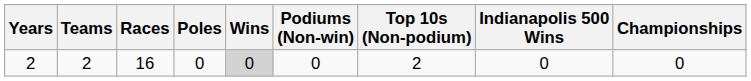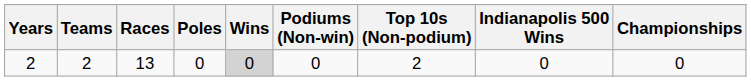 <table class="wikitable" style="text-align:center; font-size:95%">
 <tr>
 <th>Years</th>
 <th>Teams</th>
 <th>Races</th>
 <th>Poles</th>
 <th>Wins</th>
 <th>Podiums<br>(Non-win)</th>
 <th>Top 10s<br>(Non-podium)</th>
 <th>Indianapolis 500<br>Wins</th>
 <th>Championships</th>
 </tr>
 <tr>
 <td>2</td>
 <td>2</td>
-<td>16</td>
+<td>13</td>
 <td>0</td>
 <td style="background: lightgrey;">0</td>
 <td>0</td>
 <td>2</td>
 <td>0</td>
 <td>0</td>
 </tr>
 </table>
